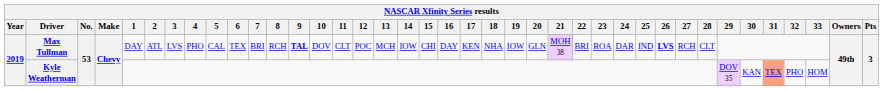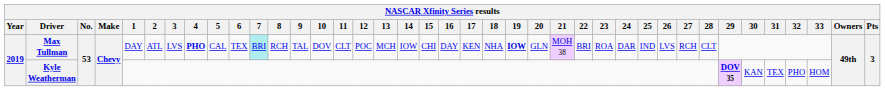 <table class="wikitable" style="text-align:center; font-size:75%">
 <tr>
 <th colspan=45><a href='#'>NASCAR Xfinity Series</a> results</th>
 </tr>
 <tr>
 <th>Year</th>
 <th>Driver</th>
 <th>No.</th>
 <th>Make</th>
 <th>1</th>
 <th>2</th>
 <th>3</th>
 <th>4</th>
 <th>5</th>
 <th>6</th>
 <th>7</th>
 <th>8</th>
 <th>9</th>
 <th>10</th>
 <th>11</th>
 <th>12</th>
 <th>13</th>
 <th>14</th>
 <th>15</th>
 <th>16</th>
 <th>17</th>
 <th>18</th>
 <th>19</th>
 <th>20</th>
 <th>21</th>
 <th>22</th>
 <th>23</th>
 <th>24</th>
 <th>25</th>
 <th>26</th>
 <th>27</th>
 <th>28</th>
 <th>29</th>
 <th>30</th>
 <th>31</th>
 <th>32</th>
 <th>33</th>
 <th>Owners</th>
 <th>Pts</th>
 </tr>
 <tr>
 <th rowspan=2><a href='#'>2019</a></th>
 <th><a href='#'>Max Tullman</a></th>
 <th rowspan=2>53</th>
 <th rowspan=2><a href='#'>Chevy</a></th>
 <td><a href='#'>DAY</a></td>
 <td><a href='#'>ATL</a></td>
 <td><a href='#'>LVS</a></td>
-<td><a href='#'>PHO</a></td>
+<td><strong><a href='#'>PHO</a></strong></td>
 <td><a href='#'>CAL</a></td>
 <td><a href='#'>TEX</a></td>
-<td><a href='#'>BRI</a></td>
+<td style="background: paleturquoise;"><a href='#'>BRI</a></td>
 <td><a href='#'>RCH</a></td>
-<td><strong><a href='#'>TAL</a></strong></td>
+<td><a href='#'>TAL</a></td>
 <td><a href='#'>DOV</a></td>
 <td><a href='#'>CLT</a></td>
 <td><a href='#'>POC</a></td>
 <td><a href='#'>MCH</a></td>
 <td><a href='#'>IOW</a></td>
 <td><a href='#'>CHI</a></td>
 <td><a href='#'>DAY</a></td>
 <td><a href='#'>KEN</a></td>
 <td><a href='#'>NHA</a></td>
-<td><a href='#'>IOW</a></td>
+<td><strong><a href='#'>IOW</a></strong></td>
 <td><a href='#'>GLN</a></td>
 <td style="background:#EFCFFF;"><a href='#'>MOH</a><br><small>38</small></td>
 <td><a href='#'>BRI</a></td>
 <td><a href='#'>ROA</a></td>
 <td><a href='#'>DAR</a></td>
 <td><a href='#'>IND</a></td>
-<td><strong><a href='#'>LVS</a></strong></td>
+<td><a href='#'>LVS</a></td>
 <td><a href='#'>RCH</a></td>
 <td><a href='#'>CLT</a></td>
 <td colspan=5></td>
 <th rowspan=2>49th</th>
 <th rowspan=2>3</th>
 </tr>
 <tr>
 <th><a href='#'>Kyle Weatherman</a></th>
 <td colspan=28></td>
-<td style="background:#EFCFFF;"><a href='#'>DOV</a><br><small>35</small></td>
+<td style="background:#EFCFFF;"><strong><a href='#'>DOV</a><br><small>35</small></strong></td>
 <td><a href='#'>KAN</a></td>
-<td style="background: lightsalmon;"><a href='#'>TEX</a></td>
+<td><a href='#'>TEX</a></td>
 <td><a href='#'>PHO</a></td>
 <td><a href='#'>HOM</a></td>
 </tr>
 </table>
